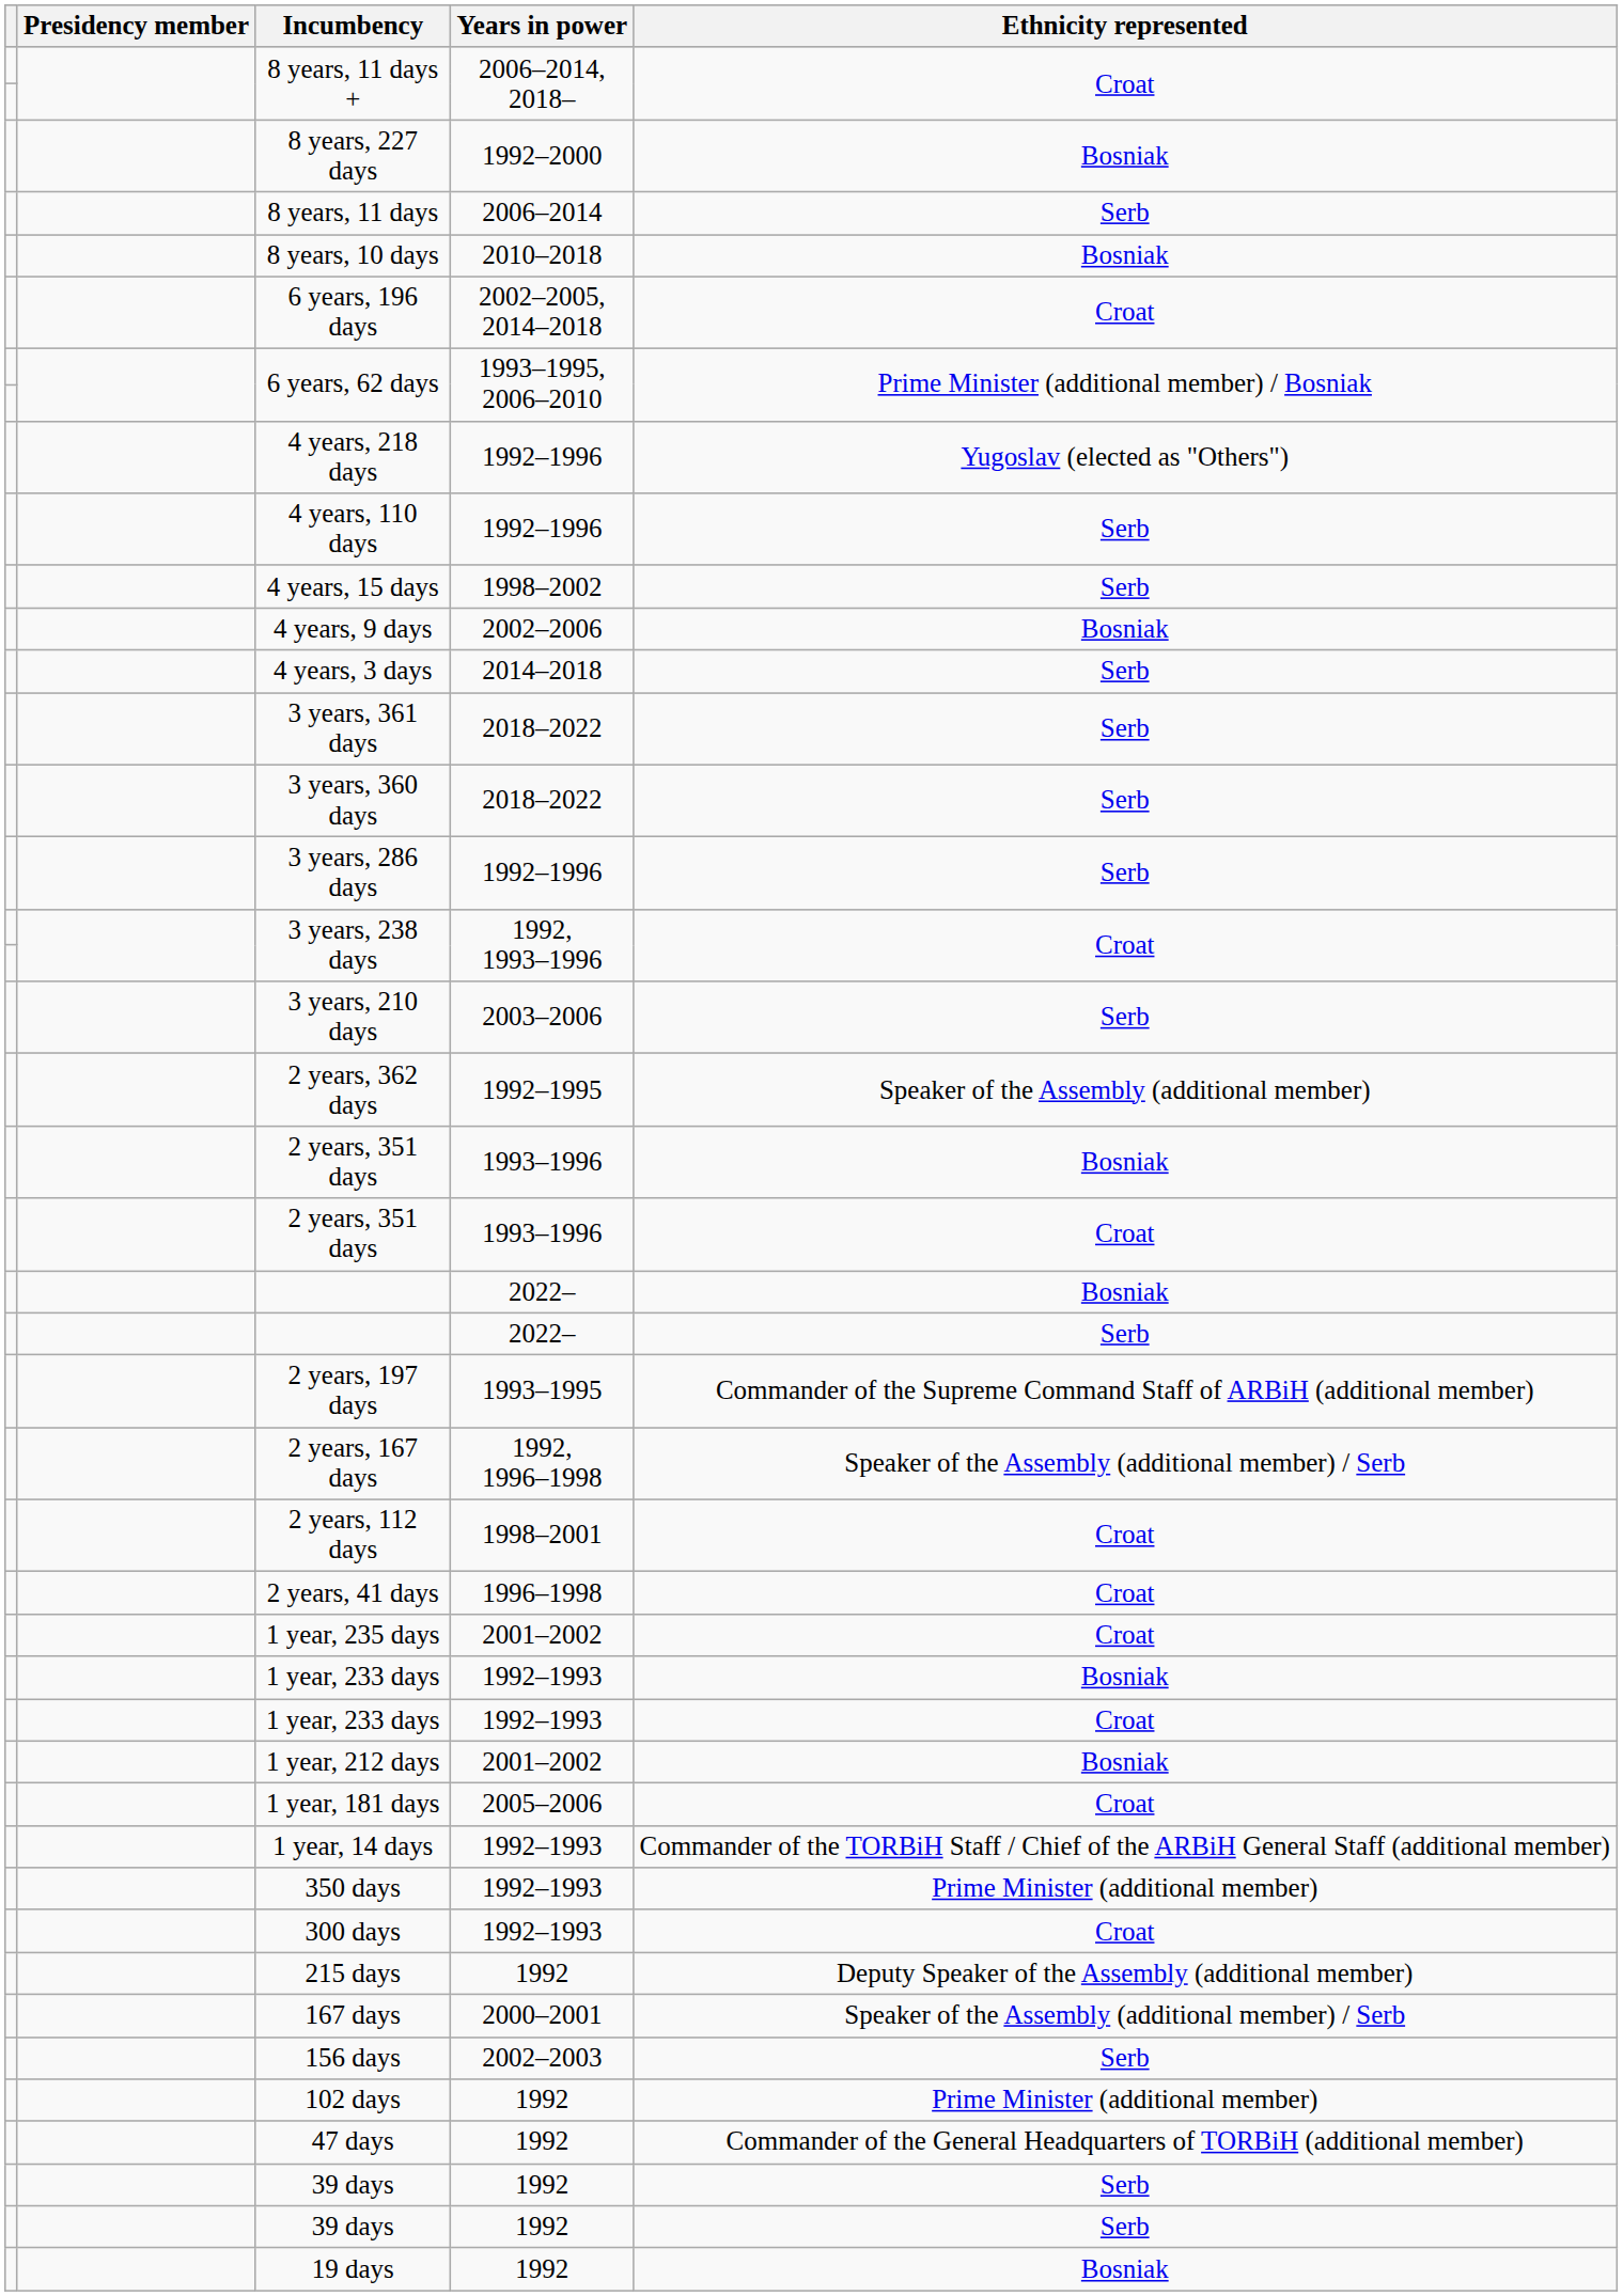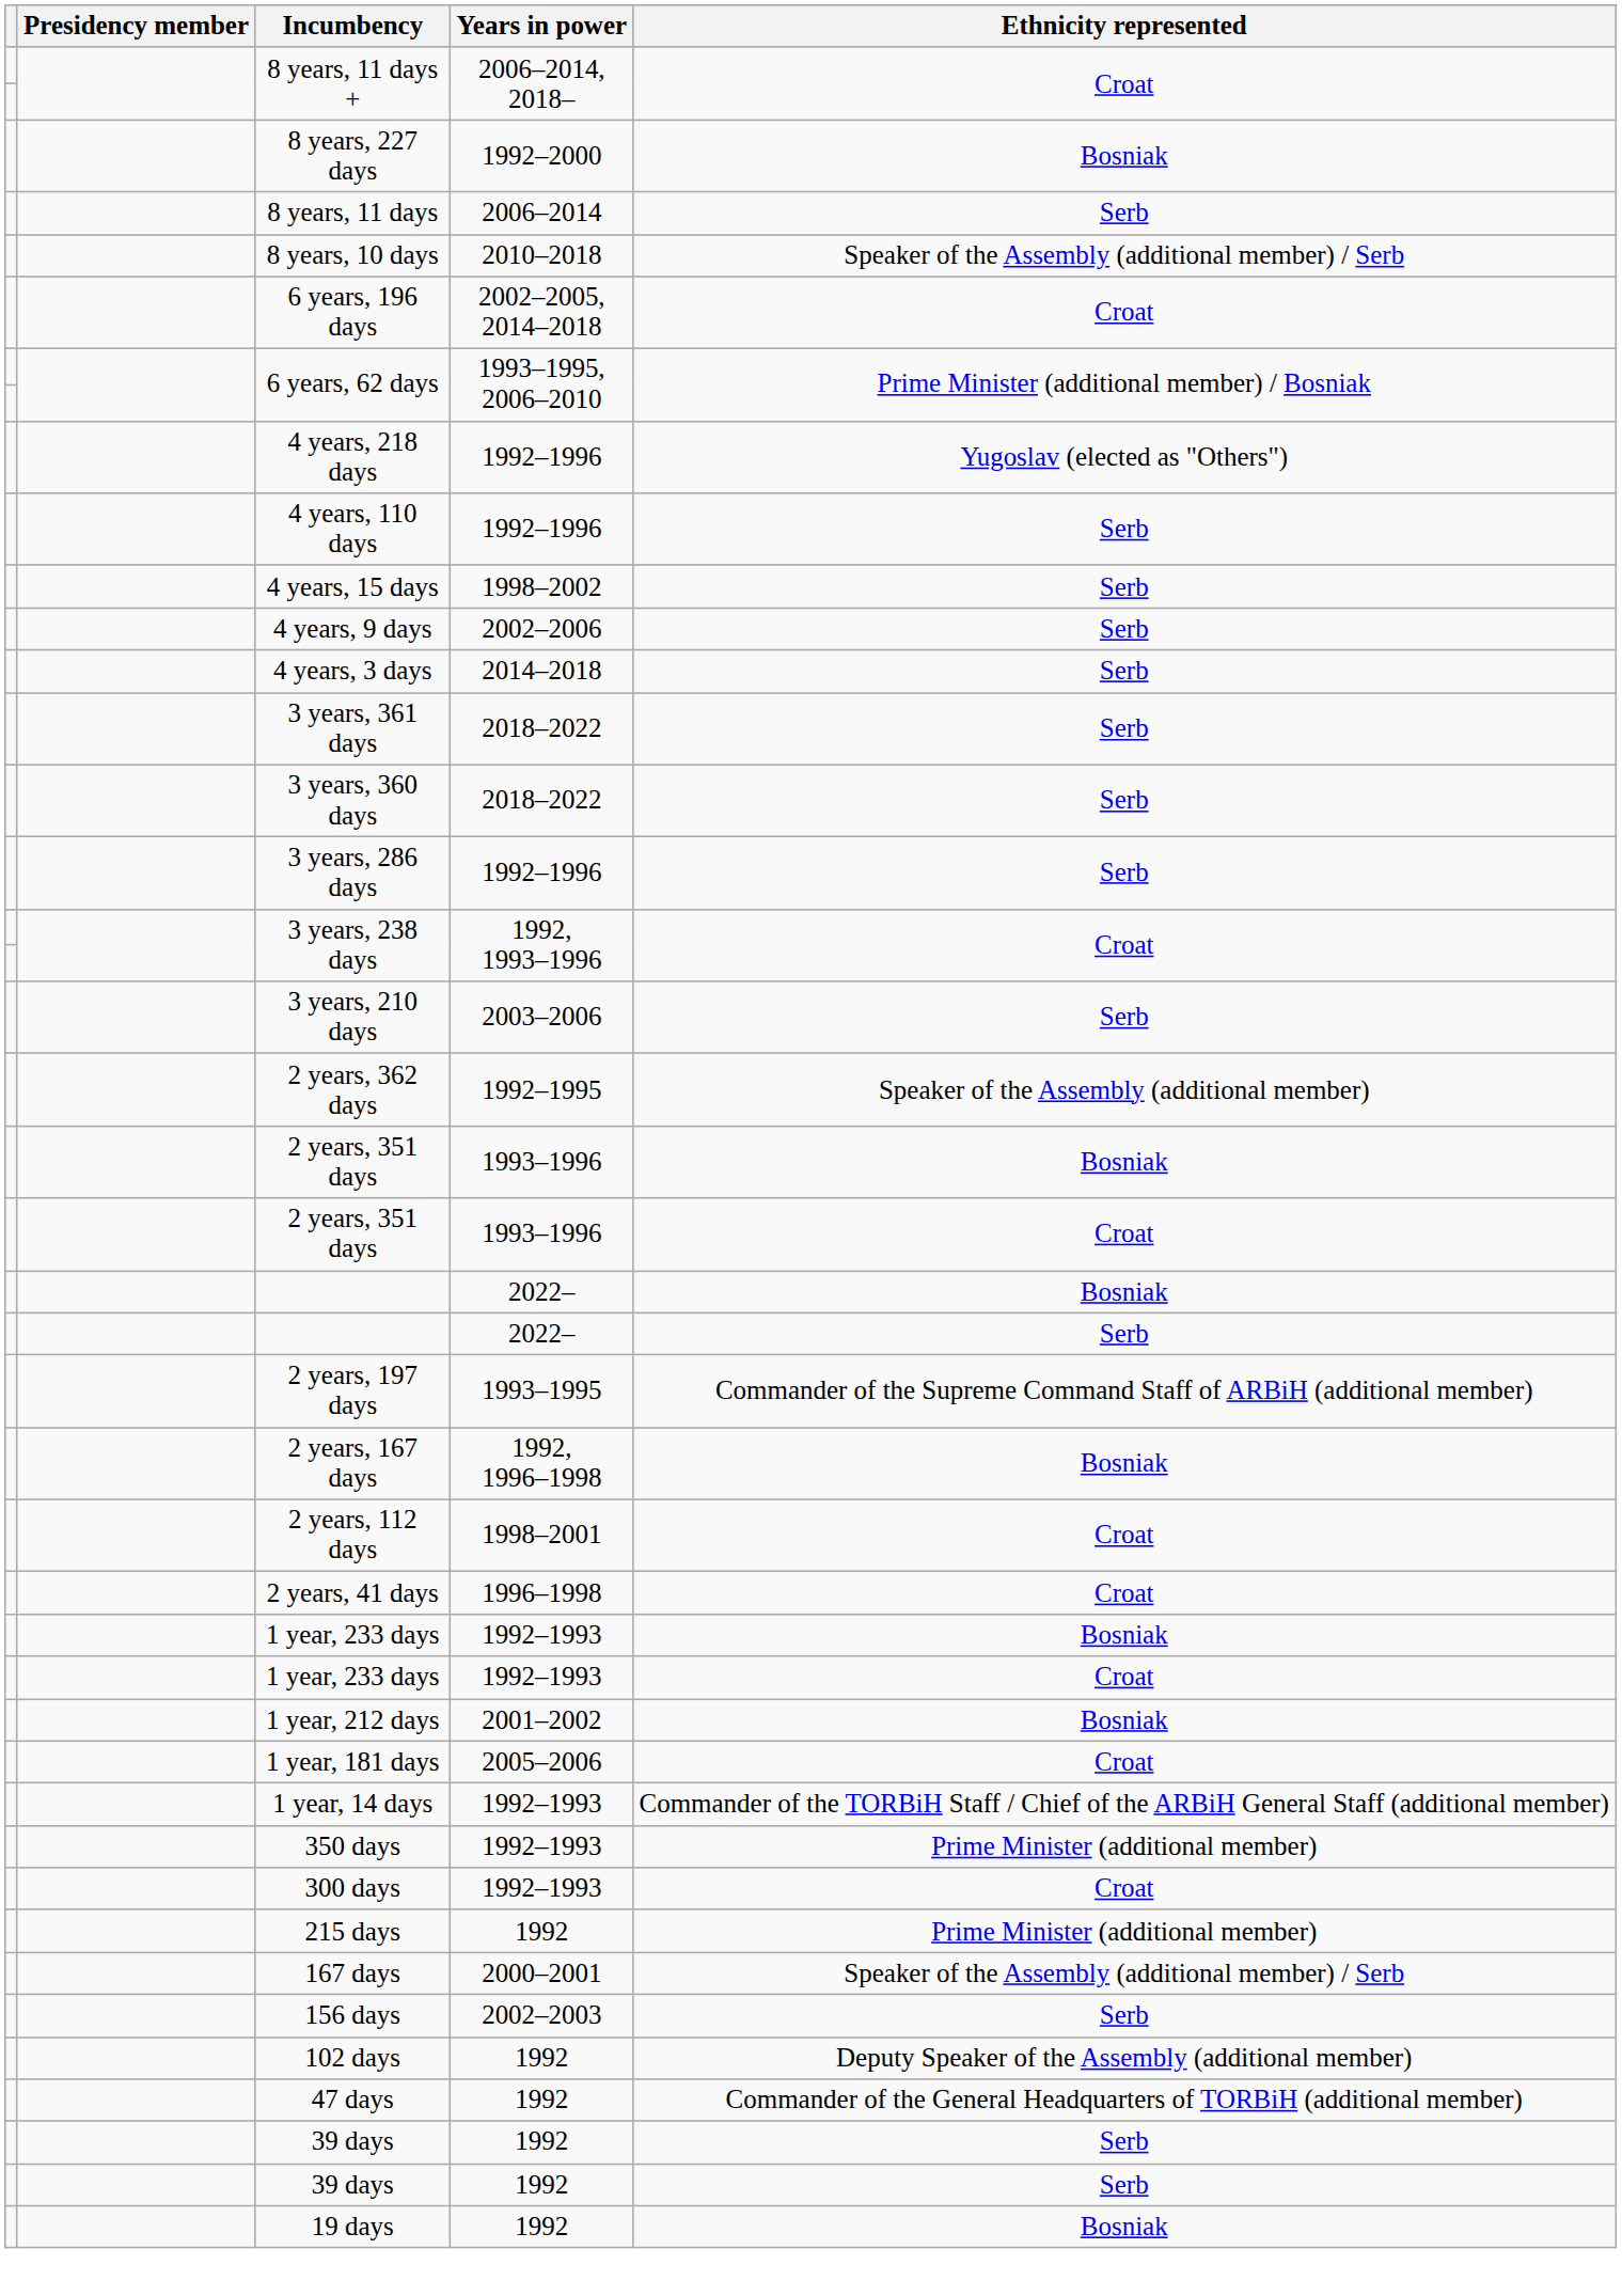 <table class="wikitable sortable" Style="text-align:center">
 <tr bgcolor="#CCCCCC">
 <th></th>
 <th>Presidency member</th>
 <th width="110">Incumbency</th>
 <th>Years in power</th>
 <th>Ethnicity represented</th>
 </tr>
 <tr>
 <td style="background: "></td>
 <td rowspan=2></td>
 <td rowspan=2>8 years, 11 days<br> + <br></td>
 <td rowspan=2>2006–2014,<br>2018–</td>
 <td rowspan=2><a href='#'>Croat</a></td>
 </tr>
 <tr>
 <td style="background: "></td>
 </tr>
 <tr>
 <td style="background: "></td>
 <td></td>
 <td>8 years, 227 days</td>
 <td>1992–2000</td>
 <td><a href='#'>Bosniak</a></td>
 </tr>
 <tr>
 <td style="background: "></td>
 <td></td>
 <td>8 years, 11 days</td>
 <td>2006–2014</td>
 <td><a href='#'>Serb</a></td>
 </tr>
 <tr>
 <td style="background: "></td>
 <td></td>
 <td>8 years, 10 days</td>
 <td>2010–2018</td>
-<td><a href='#'>Bosniak</a></td>
+<td>Speaker of the <a href='#'>Assembly</a> (additional member) / <a href='#'>Serb</a></td>
 </tr>
 <tr>
 <td style="background: "></td>
 <td></td>
 <td>6 years, 196 days</td>
 <td>2002–2005,<br>2014–2018</td>
 <td><a href='#'>Croat</a></td>
 </tr>
 <tr>
 <td style="background: "></td>
 <td rowspan=2></td>
 <td rowspan=2>6 years, 62 days</td>
 <td rowspan=2>1993–1995,<br>2006–2010</td>
 <td rowspan=2><a href='#'>Prime Minister</a> (additional member) / <a href='#'>Bosniak</a></td>
 </tr>
 <tr>
 <td style="background: "></td>
 </tr>
 <tr>
 <td style="background: "></td>
 <td></td>
 <td>4 years, 218 days</td>
 <td>1992–1996</td>
 <td><a href='#'>Yugoslav</a> (elected as "Others")</td>
 </tr>
 <tr>
 <td style="background: "></td>
 <td></td>
 <td>4 years, 110 days</td>
 <td>1992–1996</td>
 <td><a href='#'>Serb</a></td>
 </tr>
 <tr>
 <td style="background: "></td>
 <td></td>
 <td>4 years, 15 days</td>
 <td>1998–2002</td>
 <td><a href='#'>Serb</a></td>
 </tr>
 <tr>
 <td style="background: "></td>
 <td></td>
 <td>4 years, 9 days</td>
 <td>2002–2006</td>
-<td><a href='#'>Bosniak</a></td>
+<td><a href='#'>Serb</a></td>
 </tr>
 <tr>
 <td style="background: "></td>
 <td></td>
 <td>4 years, 3 days</td>
 <td>2014–2018</td>
 <td><a href='#'>Serb</a></td>
 </tr>
 <tr>
 <td style="background: "></td>
 <td></td>
 <td>3 years, 361 days</td>
 <td>2018–2022</td>
 <td><a href='#'>Serb</a></td>
 </tr>
 <tr>
 <td style="background: "></td>
 <td></td>
 <td>3 years, 360 days</td>
 <td>2018–2022</td>
 <td><a href='#'>Serb</a></td>
 </tr>
 <tr>
 <td style="background: "></td>
 <td></td>
 <td>3 years, 286 days</td>
 <td>1992–1996</td>
 <td><a href='#'>Serb</a></td>
 </tr>
 <tr>
 <td style="background: "></td>
 <td rowspan=2></td>
 <td rowspan=2>3 years, 238 days</td>
 <td rowspan=2>1992,<br>1993–1996</td>
 <td rowspan=2><a href='#'>Croat</a></td>
 </tr>
 <tr>
 <td style="background: "></td>
 </tr>
 <tr>
 <td style="background: "></td>
 <td></td>
 <td>3 years, 210 days</td>
 <td>2003–2006</td>
 <td><a href='#'>Serb</a></td>
 </tr>
 <tr>
 <td style="background: "></td>
 <td></td>
 <td>2 years, 362 days</td>
 <td>1992–1995</td>
 <td>Speaker of the <a href='#'>Assembly</a> (additional member)</td>
 </tr>
 <tr>
 <td style="background: "></td>
 <td></td>
 <td>2 years, 351 days</td>
 <td>1993–1996</td>
 <td><a href='#'>Bosniak</a></td>
 </tr>
 <tr>
 <td style="background: "></td>
 <td></td>
 <td>2 years, 351 days</td>
 <td>1993–1996</td>
 <td><a href='#'>Croat</a></td>
 </tr>
 <tr>
 <td style="background: "></td>
 <td></td>
 <td></td>
 <td>2022–</td>
 <td><a href='#'>Bosniak</a></td>
 </tr>
 <tr>
 <td style="background: "></td>
 <td></td>
 <td></td>
 <td>2022–</td>
 <td><a href='#'>Serb</a></td>
 </tr>
 <tr>
 <td style="background: "></td>
 <td></td>
 <td>2 years, 197 days</td>
 <td>1993–1995</td>
 <td>Commander of the Supreme Command Staff of <a href='#'>ARBiH</a> (additional member)</td>
 </tr>
 <tr>
 <td style="background: "></td>
 <td></td>
 <td>2 years, 167 days</td>
 <td>1992,<br> 1996–1998</td>
-<td>Speaker of the <a href='#'>Assembly</a> (additional member) / <a href='#'>Serb</a></td>
+<td><a href='#'>Bosniak</a></td>
 </tr>
 <tr>
 <td style="background: "></td>
 <td></td>
 <td>2 years, 112 days</td>
 <td>1998–2001</td>
 <td><a href='#'>Croat</a></td>
 </tr>
 <tr>
 <td style="background: "></td>
 <td></td>
 <td>2 years, 41 days</td>
 <td>1996–1998</td>
-<td><a href='#'>Croat</a></td>
-</tr>
-<tr>
-<td style="background: "></td>
-<td></td>
-<td>1 year, 235 days</td>
-<td>2001–2002</td>
 <td><a href='#'>Croat</a></td>
 </tr>
 <tr>
 <td style="background: "></td>
 <td></td>
 <td>1 year, 233 days</td>
 <td>1992–1993</td>
 <td><a href='#'>Bosniak</a></td>
 </tr>
 <tr>
 <td style="background: "></td>
 <td></td>
 <td>1 year, 233 days</td>
 <td>1992–1993</td>
 <td><a href='#'>Croat</a></td>
 </tr>
 <tr>
 <td style="background: "></td>
 <td></td>
 <td>1 year, 212 days</td>
 <td>2001–2002</td>
 <td><a href='#'>Bosniak</a></td>
 </tr>
 <tr>
 <td style="background: "></td>
 <td></td>
 <td>1 year, 181 days</td>
 <td>2005–2006</td>
 <td><a href='#'>Croat</a></td>
 </tr>
 <tr>
 <td style="background: "></td>
 <td></td>
 <td>1 year, 14 days</td>
 <td>1992–1993</td>
 <td>Commander of the <a href='#'>TORBiH</a> Staff / Chief of the <a href='#'>ARBiH</a> General Staff (additional member)</td>
 </tr>
 <tr>
 <td style="background: "></td>
 <td></td>
 <td>350 days</td>
 <td>1992–1993</td>
 <td><a href='#'>Prime Minister</a> (additional member)</td>
 </tr>
 <tr>
 <td style="background: "></td>
 <td></td>
 <td>300 days</td>
 <td>1992–1993</td>
 <td><a href='#'>Croat</a></td>
 </tr>
 <tr>
 <td style="background: "></td>
 <td></td>
 <td>215 days</td>
 <td>1992</td>
-<td>Deputy Speaker of the <a href='#'>Assembly</a> (additional member)</td>
+<td><a href='#'>Prime Minister</a> (additional member)</td>
 </tr>
 <tr>
 <td style="background: "></td>
 <td></td>
 <td>167 days</td>
 <td>2000–2001</td>
 <td>Speaker of the <a href='#'>Assembly</a> (additional member) / <a href='#'>Serb</a></td>
 </tr>
 <tr>
 <td style="background: "></td>
 <td></td>
 <td>156 days</td>
 <td>2002–2003</td>
 <td><a href='#'>Serb</a></td>
 </tr>
 <tr>
 <td style="background: "></td>
 <td></td>
 <td>102 days</td>
 <td>1992</td>
-<td><a href='#'>Prime Minister</a> (additional member)</td>
+<td>Deputy Speaker of the <a href='#'>Assembly</a> (additional member)</td>
 </tr>
 <tr>
 <td style="background: "></td>
 <td></td>
 <td>47 days</td>
 <td>1992</td>
 <td>Commander of the General Headquarters of <a href='#'>TORBiH</a> (additional member)</td>
 </tr>
 <tr>
 <td style="background: "></td>
 <td></td>
 <td>39 days</td>
 <td>1992</td>
 <td><a href='#'>Serb</a></td>
 </tr>
 <tr>
 <td style="background: "></td>
 <td></td>
 <td>39 days</td>
 <td>1992</td>
 <td><a href='#'>Serb</a></td>
 </tr>
 <tr>
 <td style="background: "></td>
 <td></td>
 <td>19 days</td>
 <td>1992</td>
 <td><a href='#'>Bosniak</a></td>
 </tr>
 </table>
